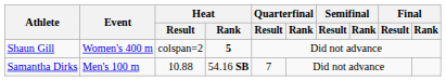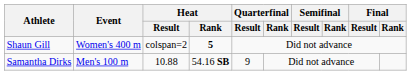 <table class="wikitable" style="font-size:90%">
 <tr>
 <th rowspan="2">Athlete</th>
 <th rowspan="2">Event</th>
 <th colspan="2">Heat</th>
 <th colspan="2">Quarterfinal</th>
 <th colspan="2">Semifinal</th>
 <th colspan="2">Final</th>
 </tr>
 <tr style="font-size:95%">
 <th>Result</th>
 <th>Rank</th>
 <th>Result</th>
 <th>Rank</th>
 <th>Result</th>
 <th>Rank</th>
 <th>Result</th>
 <th>Rank</th>
 </tr>
 <tr align=center>
 <td align=left><a href='#'>Shaun Gill</a></td>
 <td align=left><a href='#'>Women's 400 m</a></td>
 <td>colspan=2 </td>
 <td><strong>5</strong></td>
 <td colspan=6>Did not advance</td>
 </tr>
 <tr align=center>
 <td align=left><a href='#'>Samantha Dirks</a></td>
 <td align=left><a href='#'>Men's 100 m</a></td>
 <td>10.88</td>
 <td>54.16 <strong>SB</strong></td>
-<td>7</td>
+<td>9</td>
 <td colspan=4>Did not advance</td>
 </tr>
 </table>
